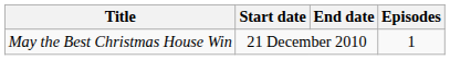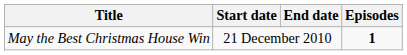 <table class="wikitable" style="text-align:center;">
 <tr>
 <th>Title</th>
 <th>Start date</th>
 <th>End date</th>
 <th>Episodes</th>
 </tr>
 <tr>
 <td><em>May the Best Christmas House Win</em></td>
 <td colspan=2>21 December 2010</td>
-<td>1</td>
+<td><strong>1</strong></td>
 </tr>
 </table>
